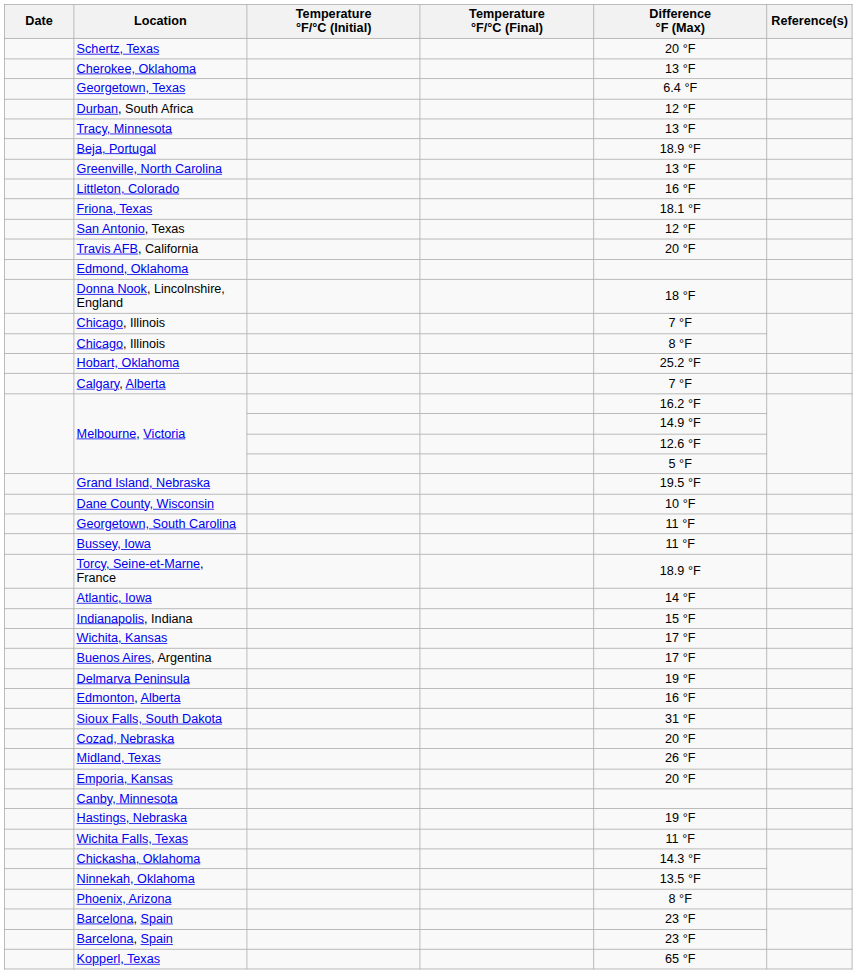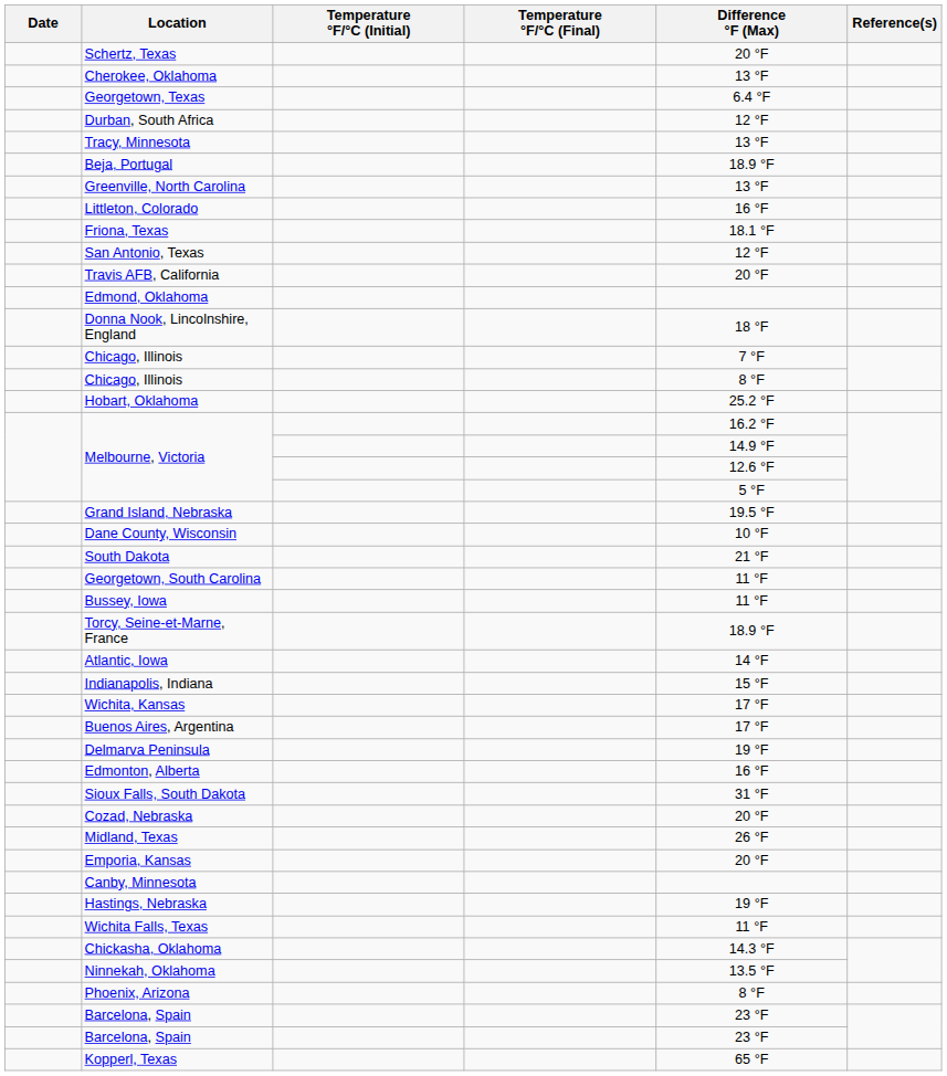 <table class="wikitable sortable" style="width:85%;">
 <tr>
 <th scope="col" width="6%" align="center">Date</th>
 <th scope="col" width="15%" align="center">Location</th>
 <th scope="col" width="15%" align="center">Temperature<br>°F/°C (Initial)</th>
 <th scope="col" width="15%" align="center">Temperature<br>°F/°C (Final)</th>
 <th scope="col" width="15%" align="center">Difference<br>°F (Max)</th>
 <th scope="col" width="1%" align="center">Reference(s)</th>
 </tr>
 <tr>
 <td></td>
 <td><a href='#'>Schertz, Texas</a></td>
 <td align="center"></td>
 <td align="center"></td>
 <td style="width:8%;" align="center">20 °F</td>
 <td></td>
 </tr>
 <tr>
 <td></td>
 <td><a href='#'>Cherokee, Oklahoma</a></td>
 <td align="center"></td>
 <td align="center"></td>
 <td style="width:8%;" align="center">13 °F</td>
 <td></td>
 </tr>
 <tr>
 <td></td>
 <td><a href='#'>Georgetown, Texas</a></td>
 <td align="center"></td>
 <td align="center"></td>
 <td style="width:8%;" align="center">6.4 °F</td>
 <td></td>
 </tr>
 <tr>
 <td></td>
 <td><a href='#'>Durban</a>, South Africa</td>
 <td align="center"></td>
 <td align="center"></td>
 <td style="width:8%;" align="center">12 °F</td>
 <td></td>
 </tr>
 <tr>
 <td></td>
 <td><a href='#'>Tracy, Minnesota</a></td>
 <td align="center"></td>
 <td align="center"></td>
 <td style="width:8%;" align="center">13 °F</td>
 <td></td>
 </tr>
 <tr>
 <td></td>
 <td><a href='#'>Beja, Portugal</a></td>
 <td align="center"></td>
 <td align="center"></td>
 <td style="width:8%;" align="center">18.9 °F</td>
 <td></td>
 </tr>
 <tr>
 <td></td>
 <td><a href='#'>Greenville, North Carolina</a></td>
 <td align="center"></td>
 <td align="center"></td>
 <td style="width:8%;" align="center">13 °F</td>
 <td></td>
 </tr>
 <tr>
 <td></td>
 <td><a href='#'>Littleton, Colorado</a></td>
 <td align="center"></td>
 <td align="center"></td>
 <td style="width:8%;" align="center">16 °F</td>
 <td></td>
 </tr>
 <tr>
 <td></td>
 <td><a href='#'>Friona, Texas</a></td>
 <td align="center"></td>
 <td align="center"></td>
 <td style="width:8%;" align="center">18.1 °F</td>
 <td></td>
 </tr>
 <tr>
 <td></td>
 <td><a href='#'>San Antonio</a>, Texas</td>
 <td align="center"></td>
 <td align="center"></td>
 <td style="width:8%;" align="center">12 °F</td>
 <td></td>
 </tr>
 <tr>
 <td></td>
 <td><a href='#'>Travis AFB</a>, California</td>
 <td align="center"></td>
 <td align="center"></td>
 <td style="width:8%;" align="center">20 °F</td>
 <td></td>
 </tr>
 <tr>
 <td></td>
 <td><a href='#'>Edmond, Oklahoma</a></td>
 <td></td>
 <td align="center"></td>
 <td></td>
 <td></td>
 </tr>
 <tr>
 <td></td>
 <td><a href='#'>Donna Nook</a>, Lincolnshire, England</td>
 <td align="center"></td>
 <td align="center"></td>
 <td style="width:8%;" align="center">18 °F</td>
 <td></td>
 </tr>
 <tr>
 <td></td>
 <td><a href='#'>Chicago</a>, Illinois</td>
 <td align="center"></td>
 <td align="center"></td>
 <td style="width:8%;" align="center">7 °F</td>
 <td rowspan="2"></td>
 </tr>
 <tr>
 <td></td>
 <td><a href='#'>Chicago</a>, Illinois</td>
 <td align="center"></td>
 <td align="center"></td>
 <td style="width:8%;" align="center">8 °F</td>
 </tr>
 <tr>
 <td></td>
 <td><a href='#'>Hobart, Oklahoma</a></td>
 <td align="center"></td>
 <td align="center"></td>
 <td style="width:8%;" align="center">25.2 °F</td>
 <td></td>
 </tr>
 <tr>
-<td></td>
-<td><a href='#'>Calgary</a>, <a href='#'>Alberta</a></td>
-<td align="center"></td>
-<td align="center"></td>
-<td style="width:8%;" align="center">7 °F</td>
-<td></td>
-</tr>
-<tr>
 <td rowspan="4"></td>
 <td rowspan="4"><a href='#'>Melbourne</a>, <a href='#'>Victoria</a></td>
 <td align="center"></td>
 <td align="center"></td>
 <td style="width:8%;" align="center">16.2 °F</td>
 <td rowspan="4"></td>
 </tr>
 <tr>
 <td align="center"></td>
 <td align="center"></td>
 <td style="width:8%;" align="center">14.9 °F</td>
 </tr>
 <tr>
 <td align="center"></td>
 <td align="center"></td>
 <td style="width:8%;" align="center">12.6 °F</td>
 </tr>
 <tr>
 <td align="center"></td>
 <td align="center"></td>
 <td style="width:8%;" align="center">5 °F</td>
 </tr>
 <tr>
 <td></td>
 <td><a href='#'>Grand Island, Nebraska</a></td>
 <td align="center"></td>
 <td align="center"></td>
 <td style="width:8%;" align="center">19.5 °F</td>
 <td></td>
 </tr>
 <tr>
 <td></td>
 <td><a href='#'>Dane County, Wisconsin</a></td>
 <td></td>
 <td></td>
 <td style="width:8%;" align="center">10 °F</td>
+<td></td>
+</tr>
+<tr>
+<td></td>
+<td><a href='#'>South Dakota</a></td>
+<td align="center"></td>
+<td align="center"></td>
+<td style="width:8%;" align="center">21 °F</td>
 <td></td>
 </tr>
 <tr>
 <td></td>
 <td><a href='#'>Georgetown, South Carolina</a></td>
 <td align="center"></td>
 <td align="center"></td>
 <td style="width:8%;" align="center">11 °F</td>
 <td></td>
 </tr>
 <tr>
 <td></td>
 <td><a href='#'>Bussey, Iowa</a></td>
 <td align="center"></td>
 <td align="center"></td>
 <td style="width:8%;" align="center">11 °F</td>
 <td></td>
 </tr>
 <tr>
 <td></td>
 <td><a href='#'>Torcy, Seine-et-Marne</a>, France</td>
 <td align="center"></td>
 <td align="center"></td>
 <td style="width:8%;" align="center">18.9 °F</td>
 <td></td>
 </tr>
 <tr>
 <td></td>
 <td><a href='#'>Atlantic, Iowa</a></td>
 <td align="center"></td>
 <td align="center"></td>
 <td style="width:8%;" align="center">14 °F</td>
 <td></td>
 </tr>
 <tr>
 <td></td>
 <td><a href='#'>Indianapolis</a>, Indiana</td>
 <td></td>
 <td></td>
 <td style="width:8%;" align="center">15 °F</td>
 <td></td>
 </tr>
 <tr>
 <td></td>
 <td><a href='#'>Wichita, Kansas</a></td>
 <td align="center"></td>
 <td align="center"></td>
 <td style="width:8%;" align="center">17 °F</td>
 <td></td>
 </tr>
 <tr>
 <td></td>
 <td><a href='#'>Buenos Aires</a>, Argentina</td>
 <td align="center"></td>
 <td align="center"></td>
 <td style="width:8%;" align="center">17 °F</td>
 <td></td>
 </tr>
 <tr>
 <td></td>
 <td><a href='#'>Delmarva Peninsula</a></td>
 <td align="center"></td>
 <td align="center"></td>
 <td style="width:8%;" align="center">19 °F</td>
 <td></td>
 </tr>
 <tr>
 <td></td>
 <td><a href='#'>Edmonton</a>, <a href='#'>Alberta</a></td>
 <td align="center"></td>
 <td align="center"></td>
 <td style="width:8%;" align="center">16 °F</td>
 <td></td>
 </tr>
 <tr>
 <td></td>
 <td><a href='#'>Sioux Falls, South Dakota</a></td>
 <td align="center"></td>
 <td align="center"></td>
 <td style="width:8%;" align="center">31 °F</td>
 <td></td>
 </tr>
 <tr>
 <td></td>
 <td><a href='#'>Cozad, Nebraska</a></td>
 <td></td>
 <td></td>
 <td style="width:8%;" align="center">20 °F</td>
 <td></td>
 </tr>
 <tr>
 <td></td>
 <td><a href='#'>Midland, Texas</a></td>
 <td align="center"></td>
 <td align="center"></td>
 <td style="width:8%;" align="center">26 °F</td>
 <td></td>
 </tr>
 <tr>
 <td></td>
 <td><a href='#'>Emporia, Kansas</a></td>
 <td align="center"></td>
 <td align="center"></td>
 <td style="width:8%;" align="center">20 °F</td>
 <td></td>
 </tr>
 <tr>
 <td></td>
 <td><a href='#'>Canby, Minnesota</a></td>
 <td></td>
 <td align="center"></td>
 <td></td>
 <td></td>
 </tr>
 <tr>
 <td></td>
 <td><a href='#'>Hastings, Nebraska</a></td>
 <td align="center"></td>
 <td align="center"></td>
 <td style="width:8%;" align="center">19 °F</td>
 <td></td>
 </tr>
 <tr>
 <td></td>
 <td><a href='#'>Wichita Falls, Texas</a></td>
 <td align="center"></td>
 <td align="center"></td>
 <td style="width:8%;" align="center">11 °F</td>
 <td></td>
 </tr>
 <tr>
 <td></td>
 <td><a href='#'>Chickasha, Oklahoma</a></td>
 <td align="center"></td>
 <td align="center"></td>
 <td style="width:8%;" align="center">14.3 °F</td>
 <td rowspan="2"></td>
 </tr>
 <tr>
 <td></td>
 <td><a href='#'>Ninnekah, Oklahoma</a></td>
 <td align="center"></td>
 <td align="center"></td>
 <td style="width:8%;" align="center">13.5 °F</td>
 </tr>
 <tr>
 <td></td>
 <td><a href='#'>Phoenix, Arizona</a></td>
 <td align="center"></td>
 <td align="center"></td>
 <td style="width:8%;" align="center">8 °F</td>
 <td></td>
 </tr>
 <tr>
 <td></td>
 <td><a href='#'>Barcelona</a>, <a href='#'>Spain</a></td>
 <td></td>
 <td></td>
 <td style="width:8%;" align="center">23 °F</td>
 <td rowspan="2"></td>
 </tr>
 <tr>
 <td></td>
 <td><a href='#'>Barcelona</a>, <a href='#'>Spain</a></td>
 <td></td>
 <td></td>
 <td style="width:8%;" align="center">23 °F</td>
 </tr>
 <tr>
 <td></td>
 <td><a href='#'>Kopperl, Texas</a></td>
 <td align="center"></td>
 <td align="center"></td>
 <td style="width:8%;" align="center">65 °F</td>
 <td></td>
 </tr>
 </table>
